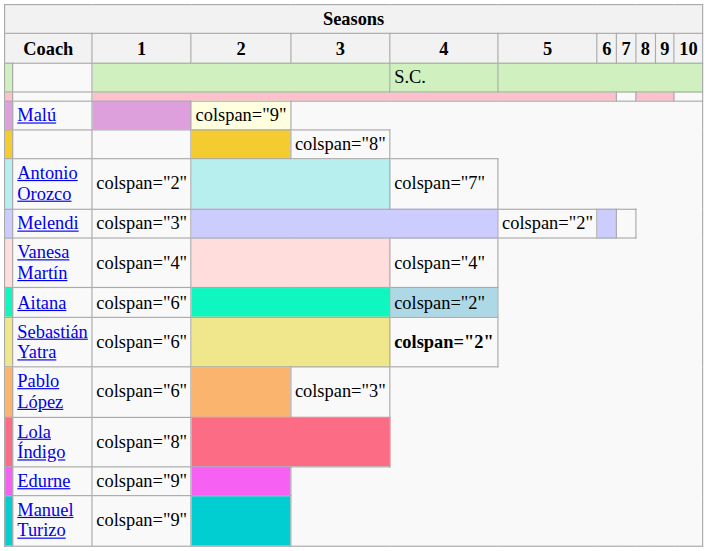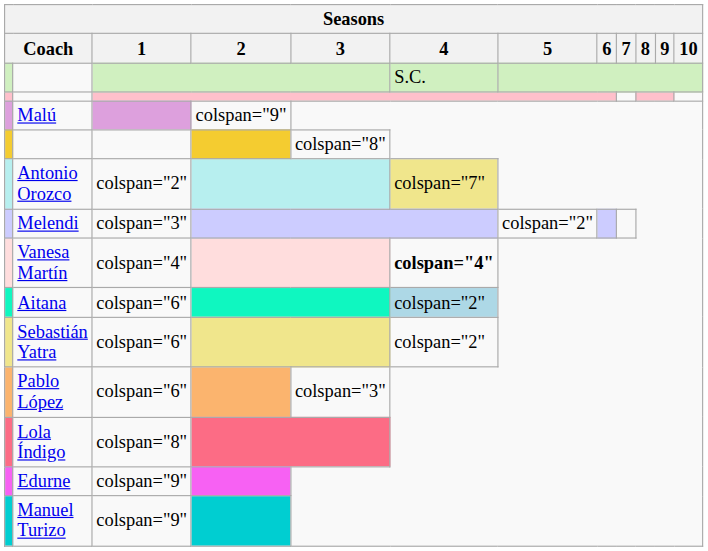 <table class="wikitable">
 <tr>
 <th colspan="15">Seasons</th>
 </tr>
 <tr>
 <th colspan="2">Coach</th>
 <th width="50">1</th>
 <th width="50">2</th>
 <th width="50">3</th>
 <th width="50">4</th>
 <th width="50">5</th>
 <th width="50">6</th>
 <th width="50">7</th>
 <th width="50">8</th>
 <th width="50">9</th>
 <th width="50">10</th>
 </tr>
 <tr>
 <td bgcolor="#d0f0c0"></td>
 <td></td>
 <td colspan="3" bgcolor="#d0f0c0"></td>
 <td bgcolor="#d0f0c0">S.C.</td>
 <td colspan="6" bgcolor="#d0f0c0"></td>
 </tr>
 <tr>
 <td bgcolor="pink"></td>
 <td></td>
 <td colspan="6" bgcolor="pink"></td>
 <td></td>
 <td colspan="2" bgcolor="pink"></td>
 <td></td>
 </tr>
 <tr>
 <td bgcolor="#dda0dd"></td>
 <td><a href='#'>Malú</a></td>
 <td bgcolor="#dda0dd"></td>
-<td style="background: lightyellow;">colspan="9" </td>
+<td>colspan="9" </td>
 </tr>
 <tr>
 <td bgcolor="#F4CC30"></td>
 <td></td>
 <td></td>
 <td bgcolor="#F4CC30"></td>
 <td>colspan="8" </td>
 </tr>
 <tr>
 <td bgcolor="#b7efef"></td>
 <td><a href='#'>Antonio Orozco</a></td>
 <td>colspan="2" </td>
 <td colspan="2" bgcolor="#b7efef"></td>
-<td>colspan="7" </td>
+<td style="background: khaki;">colspan="7" </td>
 </tr>
 <tr>
 <td bgcolor="#ccccff"></td>
 <td><a href='#'>Melendi</a></td>
 <td>colspan="3" </td>
 <td colspan="3" bgcolor="#ccccff"></td>
 <td>colspan="2" </td>
 <td bgcolor="#ccccff"></td>
 <td></td>
 </tr>
 <tr>
 <td bgcolor="#ffdddd"></td>
 <td><a href='#'>Vanesa Martín</a></td>
 <td>colspan="4" </td>
 <td colspan="2" bgcolor="#ffdddd"></td>
-<td>colspan="4" </td>
+<td><strong>colspan="4" </strong></td>
 </tr>
 <tr>
 <td bgcolor="#0ff7c0"></td>
 <td><a href='#'>Aitana</a></td>
 <td>colspan="6" </td>
 <td colspan="2" bgcolor="#0ff7c0"></td>
 <td style="background: lightblue;">colspan="2" </td>
 </tr>
 <tr>
 <td bgcolor="khaki"></td>
 <td><a href='#'>Sebastián Yatra</a></td>
 <td>colspan="6" </td>
 <td colspan="2" bgcolor="khaki"></td>
-<td><strong>colspan="2" </strong></td>
+<td>colspan="2" </td>
 </tr>
 <tr>
 <td bgcolor="#fbb46e"></td>
 <td><a href='#'>Pablo López</a></td>
 <td>colspan="6" </td>
 <td bgcolor="#fbb46e"></td>
 <td>colspan="3" </td>
 </tr>
 <tr>
 <td style="background:#FC6C85"></td>
 <td><a href='#'>Lola Índigo</a></td>
 <td>colspan="8" </td>
 <td colspan="2" bgcolor="#FC6C85"></td>
 </tr>
 <tr>
 <td style="background:#f761f3"></td>
 <td><a href='#'>Edurne</a></td>
 <td>colspan="9" </td>
 <td colspan="1" bgcolor="#f761f3"></td>
 </tr>
 <tr>
 <td style="background:#00ced1"></td>
 <td><a href='#'>Manuel Turizo</a></td>
 <td>colspan="9" </td>
 <td colspan="1" style="background:#00ced1"></td>
 </tr>
 </table>
